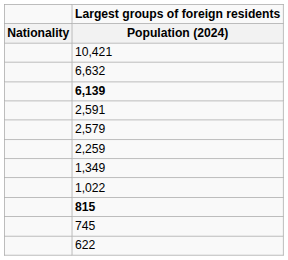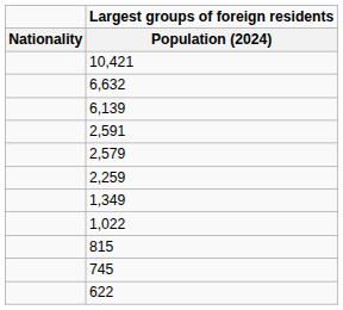 <table class="wikitable">
 <tr>
 <td valign="top"></td>
 <td colspan="2"><strong>Largest groups of foreign residents</strong></td>
 </tr>
 <tr>
 <th>Nationality</th>
 <th>Population (2024)</th>
 </tr>
 <tr>
 <td></td>
 <td>10,421</td>
 </tr>
 <tr>
 <td></td>
 <td>6,632</td>
 </tr>
 <tr>
 <td></td>
-<td><strong>6,139</strong></td>
+<td>6,139</td>
 </tr>
 <tr>
 <td></td>
 <td>2,591</td>
 </tr>
 <tr>
 <td></td>
 <td>2,579</td>
 </tr>
 <tr>
 <td></td>
 <td>2,259</td>
 </tr>
 <tr>
 <td></td>
 <td>1,349</td>
 </tr>
 <tr>
 <td></td>
 <td>1,022</td>
 </tr>
 <tr>
 <td></td>
-<td><strong>815</strong></td>
+<td>815</td>
 </tr>
 <tr>
 <td></td>
 <td>745</td>
 </tr>
 <tr>
 <td></td>
 <td>622</td>
 </tr>
 </table>
